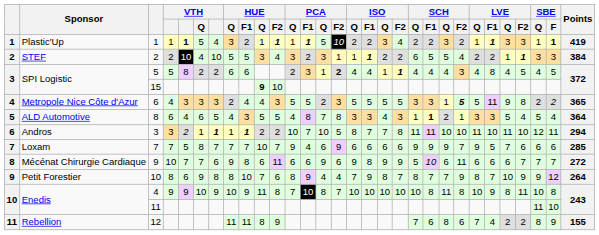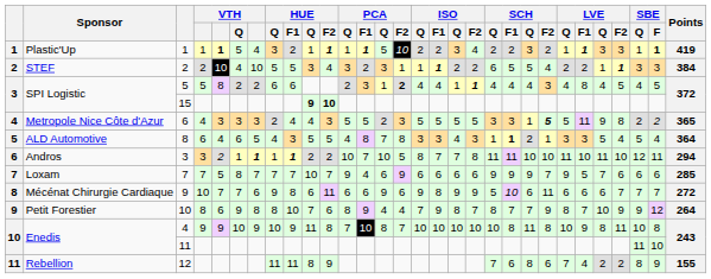 <table align=left| class="wikitable" style="font-size: 85%; text-align: center">
 <tr valign="top">
 <th rowspan=2 valign=middle></th>
 <th rowspan=2 valign=middle>Sponsor</th>
 <th rowspan=2 valign=middle></th>
 <th colspan=4><a href='#'>VTH</a><br></th>
 <th colspan=4><a href='#'>HUE</a><br></th>
 <th colspan=4><a href='#'>PCA</a><br></th>
 <th colspan=4><a href='#'>ISO</a><br></th>
 <th colspan=4><a href='#'>SCH</a><br></th>
 <th colspan=4><a href='#'>LVE</a><br></th>
 <th colspan=2><a href='#'>SBE</a><br></th>
 <th rowspan=2 valign=middle>Points</th>
 </tr>
 <tr>
 <th></th>
 <th></th>
 <th>Q</th>
 <th></th>
 <th>Q</th>
 <th>F1</th>
 <th>Q</th>
 <th>F2</th>
 <th>Q</th>
 <th>F1</th>
 <th>Q</th>
 <th>F2</th>
 <th>Q</th>
 <th>F1</th>
 <th>Q</th>
 <th>F2</th>
 <th>Q</th>
 <th>F1</th>
 <th>Q</th>
 <th>F2</th>
 <th>Q</th>
 <th>F1</th>
 <th>Q</th>
 <th>F2</th>
 <th>Q</th>
 <th>F</th>
 </tr>
 <tr>
 <th>1</th>
 <td align=left>Plastic'Up</td>
 <td align=center>1</td>
 <td style="background:#FFFFBF;">1</td>
 <td style="background:#FFFFBF;"><strong>1</strong></td>
 <td style="background:#DFFFDF;">5</td>
 <td style="background:#DFFFDF;">4</td>
 <td style="background:#FFDF9F;">3</td>
 <td style="background:#DFDFDF;">2</td>
 <td style="background:#FFFFBF;">1</td>
 <td style="background:#FFFFBF;"><strong><em>1</em></strong></td>
 <td style="background:#FFFFBF;">1</td>
 <td style="background:#FFFFBF;"><strong><em>1</em></strong></td>
 <td style="background:#DFFFDF;">5</td>
 <td style="background:#000000; color:white;"><em>10</em></td>
 <td style="background:#DFDFDF;">2</td>
 <td style="background:#DFDFDF;">2</td>
 <td style="background:#FFDF9F;">3</td>
 <td style="background:#DFFFDF;">4</td>
 <td style="background:#DFDFDF;">2</td>
 <td style="background:#DFDFDF;">2</td>
 <td style="background:#FFDF9F;">3</td>
 <td style="background:#DFDFDF;">2</td>
 <td style="background:#FFFFBF;">1</td>
 <td style="background:#FFFFBF;"><strong><em>1</em></strong></td>
 <td style="background:#FFDF9F;">3</td>
 <td style="background:#FFDF9F;">3</td>
 <td style="background:#FFFFBF;">1</td>
 <td style="background:#FFFFBF;"><strong>1</strong></td>
 <th>419</th>
 </tr>
 <tr>
 <th>2</th>
 <td align=left><a href='#'>STEF</a></td>
 <td align=center>2</td>
 <td style="background:#DFDFDF;">2</td>
 <td style="background:#000000; color:white;">10</td>
 <td style="background:#DFFFDF;">4</td>
 <td style="background:#DFFFDF;">10</td>
 <td style="background:#DFFFDF;">5</td>
 <td style="background:#DFFFDF;">5</td>
 <td style="background:#FFDF9F;">3</td>
 <td style="background:#DFFFDF;">4</td>
 <td style="background:#FFDF9F;">3</td>
 <td style="background:#DFDFDF;">2</td>
 <td style="background:#FFDF9F;">3</td>
 <td style="background:#FFFFBF;">1</td>
 <td style="background:#FFFFBF;">1</td>
 <td style="background:#FFFFBF;"><strong><em>1</em></strong></td>
 <td style="background:#DFDFDF;">2</td>
 <td style="background:#DFDFDF;">2</td>
 <td style="background:#DFFFDF;">6</td>
 <td style="background:#DFFFDF;">5</td>
 <td style="background:#DFFFDF;">5</td>
 <td style="background:#DFFFDF;">4</td>
 <td style="background:#DFDFDF;">2</td>
 <td style="background:#DFDFDF;">2</td>
 <td style="background:#FFFFBF;">1</td>
 <td style="background:#FFFFBF;"><strong><em>1</em></strong></td>
 <td style="background:#FFDF9F;">3</td>
 <td style="background:#FFDF9F;">3</td>
 <th>384</th>
 </tr>
 <tr>
 <th rowspan=2>3</th>
 <td rowspan=2 align=left>SPI Logistic</td>
 <td align=center>5</td>
 <td style="background:#DFFFDF;">5</td>
 <td style="background:#EFCFFF;">8</td>
 <td style="background:#DFDFDF;">2</td>
 <td style="background:#DFDFDF;">2</td>
 <td style="background:#DFFFDF;">6</td>
 <td style="background:#DFFFDF;">6</td>
 <td></td>
 <td></td>
 <td style="background:#DFDFDF;">2</td>
 <td style="background:#FFDF9F;">3</td>
 <td style="background:#FFFFBF;">1</td>
 <td style="background:#DFDFDF;"><strong>2</strong></td>
 <td style="background:#DFFFDF;">4</td>
 <td style="background:#DFFFDF;">4</td>
 <td style="background:#FFFFBF;">1</td>
 <td style="background:#FFFFBF;"><strong><em>1</em></strong></td>
 <td style="background:#DFFFDF;">4</td>
 <td style="background:#DFFFDF;">4</td>
 <td style="background:#DFFFDF;">4</td>
 <td style="background:#FFDF9F;">3</td>
 <td style="background:#DFFFDF;">4</td>
 <td style="background:#DFFFDF;">8</td>
 <td style="background:#DFFFDF;">4</td>
 <td style="background:#DFFFDF;">5</td>
 <td style="background:#DFFFDF;">4</td>
 <td style="background:#DFFFDF;">5</td>
 <th rowspan=2>372</th>
 </tr>
 <tr>
 <td align=center>15</td>
 <td></td>
 <td></td>
 <td></td>
 <td></td>
 <td></td>
 <td></td>
 <td style="background:#DFFFDF;"><strong>9</strong></td>
-<td style="background:#DFFFDF;">10</td>
+<td style="background:#DFFFDF;"><strong>10</strong></td>
 <td></td>
 <td></td>
 <td></td>
 <td></td>
 <td></td>
 <td></td>
 <td></td>
 <td></td>
 <td></td>
 <td></td>
 <td></td>
 <td></td>
 <td></td>
 <td></td>
 <td></td>
 <td></td>
 <td></td>
 <td></td>
 </tr>
 <tr>
 <th>4</th>
 <td align=left><a href='#'>Metropole Nice Côte d'Azur</a></td>
 <td align=center>6</td>
 <td style="background:#DFFFDF;">4</td>
 <td style="background:#FFDF9F;">3</td>
 <td style="background:#FFDF9F;">3</td>
 <td style="background:#FFDF9F;">3</td>
 <td style="background:#DFDFDF;">2</td>
 <td style="background:#DFFFDF;">4</td>
 <td style="background:#DFFFDF;">4</td>
 <td style="background:#FFDF9F;">3</td>
 <td style="background:#DFFFDF;">5</td>
 <td style="background:#DFFFDF;">5</td>
 <td style="background:#DFDFDF;">2</td>
 <td style="background:#FFDF9F;">3</td>
 <td style="background:#DFFFDF;">5</td>
 <td style="background:#DFFFDF;">5</td>
 <td style="background:#DFFFDF;">5</td>
 <td style="background:#DFFFDF;">5</td>
 <td style="background:#FFDF9F;">3</td>
 <td style="background:#FFDF9F;">3</td>
 <td style="background:#FFFFBF;">1</td>
 <td style="background:#DFFFDF;"><strong><em>5</em></strong></td>
 <td style="background:#DFFFDF;">5</td>
 <td style="background:#EFCFFF;">11</td>
 <td style="background:#DFFFDF;">9</td>
 <td style="background:#DFFFDF;">8</td>
 <td style="background:#DFDFDF;">2</td>
 <td style="background:#DFDFDF;"><em>2</em></td>
 <th>365</th>
 </tr>
 <tr>
 <th>5</th>
 <td align=left><a href='#'>ALD Automotive</a></td>
 <td align=center>8</td>
 <td style="background:#DFFFDF;">6</td>
 <td style="background:#DFFFDF;">4</td>
 <td style="background:#DFFFDF;">6</td>
 <td style="background:#DFFFDF;">5</td>
 <td style="background:#DFFFDF;">4</td>
 <td style="background:#FFDF9F;">3</td>
 <td style="background:#DFFFDF;">5</td>
 <td style="background:#DFFFDF;">5</td>
 <td style="background:#DFFFDF;">4</td>
 <td style="background:#EFCFFF;">8</td>
 <td style="background:#DFFFDF;">7</td>
 <td style="background:#DFFFDF;">8</td>
 <td style="background:#FFDF9F;">3</td>
 <td style="background:#FFDF9F;">3</td>
 <td style="background:#DFFFDF;">4</td>
 <td style="background:#FFDF9F;">3</td>
 <td style="background:#FFFFBF;">1</td>
 <td style="background:#FFFFBF;"><strong>1</strong></td>
 <td style="background:#DFDFDF;">2</td>
 <td style="background:#FFFFBF;">1</td>
 <td style="background:#FFDF9F;">3</td>
 <td style="background:#FFDF9F;">3</td>
 <td style="background:#DFFFDF;">5</td>
 <td style="background:#DFFFDF;">4</td>
 <td style="background:#DFFFDF;">5</td>
 <td style="background:#DFFFDF;">4</td>
 <th>364</th>
 </tr>
 <tr>
 <th>6</th>
 <td align=left>Andros</td>
 <td align=center>3</td>
 <td style="background:#FFDF9F;">3</td>
 <td style="background:#DFDFDF;"><em>2</em></td>
 <td style="background:#FFFFBF;">1</td>
 <td style="background:#FFFFBF;"><strong><em>1</em></strong></td>
 <td style="background:#FFFFBF;">1</td>
 <td style="background:#FFFFBF;"><strong><em>1</em></strong></td>
 <td style="background:#DFDFDF;">2</td>
 <td style="background:#DFDFDF;">2</td>
 <td style="background:#DFFFDF;">10</td>
 <td style="background:#DFFFDF;">7</td>
 <td style="background:#DFFFDF;">10</td>
 <td style="background:#DFFFDF;">5</td>
 <td style="background:#DFFFDF;">8</td>
 <td style="background:#DFFFDF;">7</td>
 <td style="background:#DFFFDF;">7</td>
 <td style="background:#DFFFDF;">8</td>
 <td style="background:#DFFFDF;">11</td>
 <td style="background:#EFCFFF;">11</td>
 <td style="background:#DFFFDF;">10</td>
 <td style="background:#DFFFDF;">10</td>
 <td style="background:#DFFFDF;">11</td>
 <td style="background:#DFFFDF;">10</td>
 <td style="background:#DFFFDF;">11</td>
 <td style="background:#DFFFDF;">10</td>
 <td style="background:#DFFFDF;">12</td>
 <td style="background:#DFFFDF;">11</td>
 <th>294</th>
 </tr>
 <tr>
 <th>7</th>
 <td align=left>Loxam</td>
 <td align=center>7</td>
 <td style="background:#DFFFDF;">7</td>
 <td style="background:#DFFFDF;">5</td>
 <td style="background:#DFFFDF;">8</td>
 <td style="background:#DFFFDF;">7</td>
 <td style="background:#DFFFDF;">7</td>
 <td style="background:#DFFFDF;">7</td>
 <td style="background:#DFFFDF;">10</td>
 <td style="background:#DFFFDF;">7</td>
 <td style="background:#DFFFDF;">9</td>
 <td style="background:#DFFFDF;">4</td>
 <td style="background:#DFFFDF;">6</td>
 <td style="background:#EFCFFF;">9</td>
 <td style="background:#DFFFDF;">6</td>
 <td style="background:#DFFFDF;">6</td>
 <td style="background:#DFFFDF;">6</td>
 <td style="background:#DFFFDF;">6</td>
 <td style="background:#DFFFDF;">9</td>
 <td style="background:#DFFFDF;">9</td>
 <td style="background:#DFFFDF;">9</td>
 <td style="background:#DFFFDF;">7</td>
 <td style="background:#DFFFDF;">9</td>
 <td style="background:#DFFFDF;">5</td>
 <td style="background:#DFFFDF;">7</td>
 <td style="background:#DFFFDF;">6</td>
 <td style="background:#DFFFDF;">6</td>
 <td style="background:#DFFFDF;">6</td>
 <th>285</th>
 </tr>
 <tr>
 <th>8</th>
 <td align=left>Mécénat Chirurgie Cardiaque</td>
 <td align=center>9</td>
 <td style="background:#DFFFDF;">10</td>
 <td style="background:#DFFFDF;">7</td>
 <td style="background:#DFFFDF;">7</td>
 <td style="background:#DFFFDF;">6</td>
 <td style="background:#DFFFDF;">9</td>
 <td style="background:#DFFFDF;">8</td>
 <td style="background:#DFFFDF;">6</td>
 <td style="background:#EFCFFF;">11</td>
 <td style="background:#DFFFDF;">6</td>
 <td style="background:#DFFFDF;">6</td>
 <td style="background:#DFFFDF;">9</td>
 <td style="background:#DFFFDF;">6</td>
 <td style="background:#DFFFDF;">9</td>
 <td style="background:#DFFFDF;">8</td>
 <td style="background:#DFFFDF;">9</td>
 <td style="background:#DFFFDF;">9</td>
 <td style="background:#DFFFDF;">5</td>
 <td style="background:#EFCFFF;"><em>10</em></td>
 <td style="background:#DFFFDF;">6</td>
 <td style="background:#DFFFDF;">11</td>
 <td style="background:#DFFFDF;">6</td>
 <td style="background:#DFFFDF;">6</td>
 <td style="background:#DFFFDF;">6</td>
 <td style="background:#DFFFDF;">7</td>
 <td style="background:#DFFFDF;">7</td>
 <td style="background:#DFFFDF;">7</td>
 <th>272</th>
 </tr>
 <tr>
 <th>9</th>
 <td align=left>Petit Forestier</td>
 <td align=center>10</td>
 <td style="background:#DFFFDF;">8</td>
 <td style="background:#DFFFDF;">6</td>
 <td style="background:#DFFFDF;">9</td>
 <td style="background:#DFFFDF;">8</td>
 <td style="background:#DFFFDF;">8</td>
 <td style="background:#DFFFDF;">10</td>
 <td style="background:#DFFFDF;">7</td>
 <td style="background:#DFFFDF;">6</td>
 <td style="background:#DFFFDF;">8</td>
 <td style="background:#EFCFFF;">9</td>
 <td style="background:#DFFFDF;">4</td>
 <td style="background:#DFFFDF;">4</td>
 <td style="background:#DFFFDF;">7</td>
 <td style="background:#DFFFDF;">9</td>
 <td style="background:#DFFFDF;">8</td>
 <td style="background:#DFFFDF;">7</td>
 <td style="background:#DFFFDF;">8</td>
 <td style="background:#DFFFDF;">7</td>
 <td style="background:#DFFFDF;">7</td>
 <td style="background:#DFFFDF;">9</td>
 <td style="background:#DFFFDF;">8</td>
 <td style="background:#DFFFDF;">7</td>
 <td style="background:#DFFFDF;">10</td>
 <td style="background:#DFFFDF;">9</td>
 <td style="background:#DFFFDF;">9</td>
 <td style="background:#EFCFFF;">12</td>
 <th>264</th>
 </tr>
 <tr>
 <th rowspan=2>10</th>
 <td rowspan=2 align=left><a href='#'>Enedis</a></td>
 <td align=center>4</td>
 <td style="background:#DFFFDF;">9</td>
 <td style="background:#EFCFFF;">9</td>
 <td style="background:#DFFFDF;">10</td>
 <td style="background:#DFFFDF;">9</td>
 <td style="background:#DFFFDF;">10</td>
 <td style="background:#DFFFDF;">9</td>
 <td style="background:#DFFFDF;">11</td>
 <td style="background:#DFFFDF;">8</td>
 <td style="background:#DFFFDF;">7</td>
 <td style="background:#000000; color:white;">10</td>
 <td style="background:#DFFFDF;">8</td>
 <td style="background:#DFFFDF;">7</td>
 <td style="background:#DFFFDF;">10</td>
 <td style="background:#DFFFDF;">10</td>
 <td style="background:#DFFFDF;">10</td>
 <td style="background:#DFFFDF;">10</td>
 <td style="background:#DFFFDF;">10</td>
 <td style="background:#DFFFDF;">8</td>
 <td style="background:#DFFFDF;">11</td>
 <td style="background:#DFFFDF;">8</td>
 <td style="background:#DFFFDF;">10</td>
 <td style="background:#DFFFDF;">9</td>
 <td style="background:#DFFFDF;">8</td>
 <td style="background:#DFFFDF;">11</td>
 <td style="background:#DFFFDF;">10</td>
 <td style="background:#DFFFDF;">8</td>
 <th rowspan=2>243</th>
 </tr>
 <tr>
 <td align=center>11</td>
 <td></td>
 <td></td>
 <td></td>
 <td></td>
 <td></td>
 <td></td>
 <td></td>
 <td></td>
 <td></td>
 <td></td>
 <td></td>
 <td></td>
 <td></td>
 <td></td>
 <td></td>
 <td></td>
 <td></td>
 <td></td>
 <td></td>
 <td></td>
 <td></td>
 <td></td>
 <td></td>
 <td></td>
 <td style="background:#DFFFDF;">11</td>
 <td style="background:#DFFFDF;">10</td>
 </tr>
 <tr>
 <th>11</th>
 <td align=left><a href='#'>Rebellion</a></td>
 <td align=center>12</td>
 <td></td>
 <td></td>
 <td></td>
 <td></td>
 <td style="background:#DFFFDF;">11</td>
 <td style="background:#DFFFDF;">11</td>
 <td style="background:#DFFFDF;">8</td>
 <td style="background:#DFFFDF;">9</td>
 <td></td>
 <td></td>
 <td></td>
 <td></td>
 <td></td>
 <td></td>
 <td></td>
 <td></td>
 <td style="background:#DFFFDF;">7</td>
 <td style="background:#DFFFDF;">6</td>
 <td style="background:#DFFFDF;">8</td>
 <td style="background:#DFFFDF;">6</td>
 <td style="background:#DFFFDF;">7</td>
 <td style="background:#DFFFDF;">4</td>
 <td style="background:#DFDFDF;">2</td>
 <td style="background:#DFDFDF;">2</td>
 <td style="background:#DFFFDF;">8</td>
 <td style="background:#DFFFDF;">9</td>
 <th>155</th>
 </tr>
 </table>
